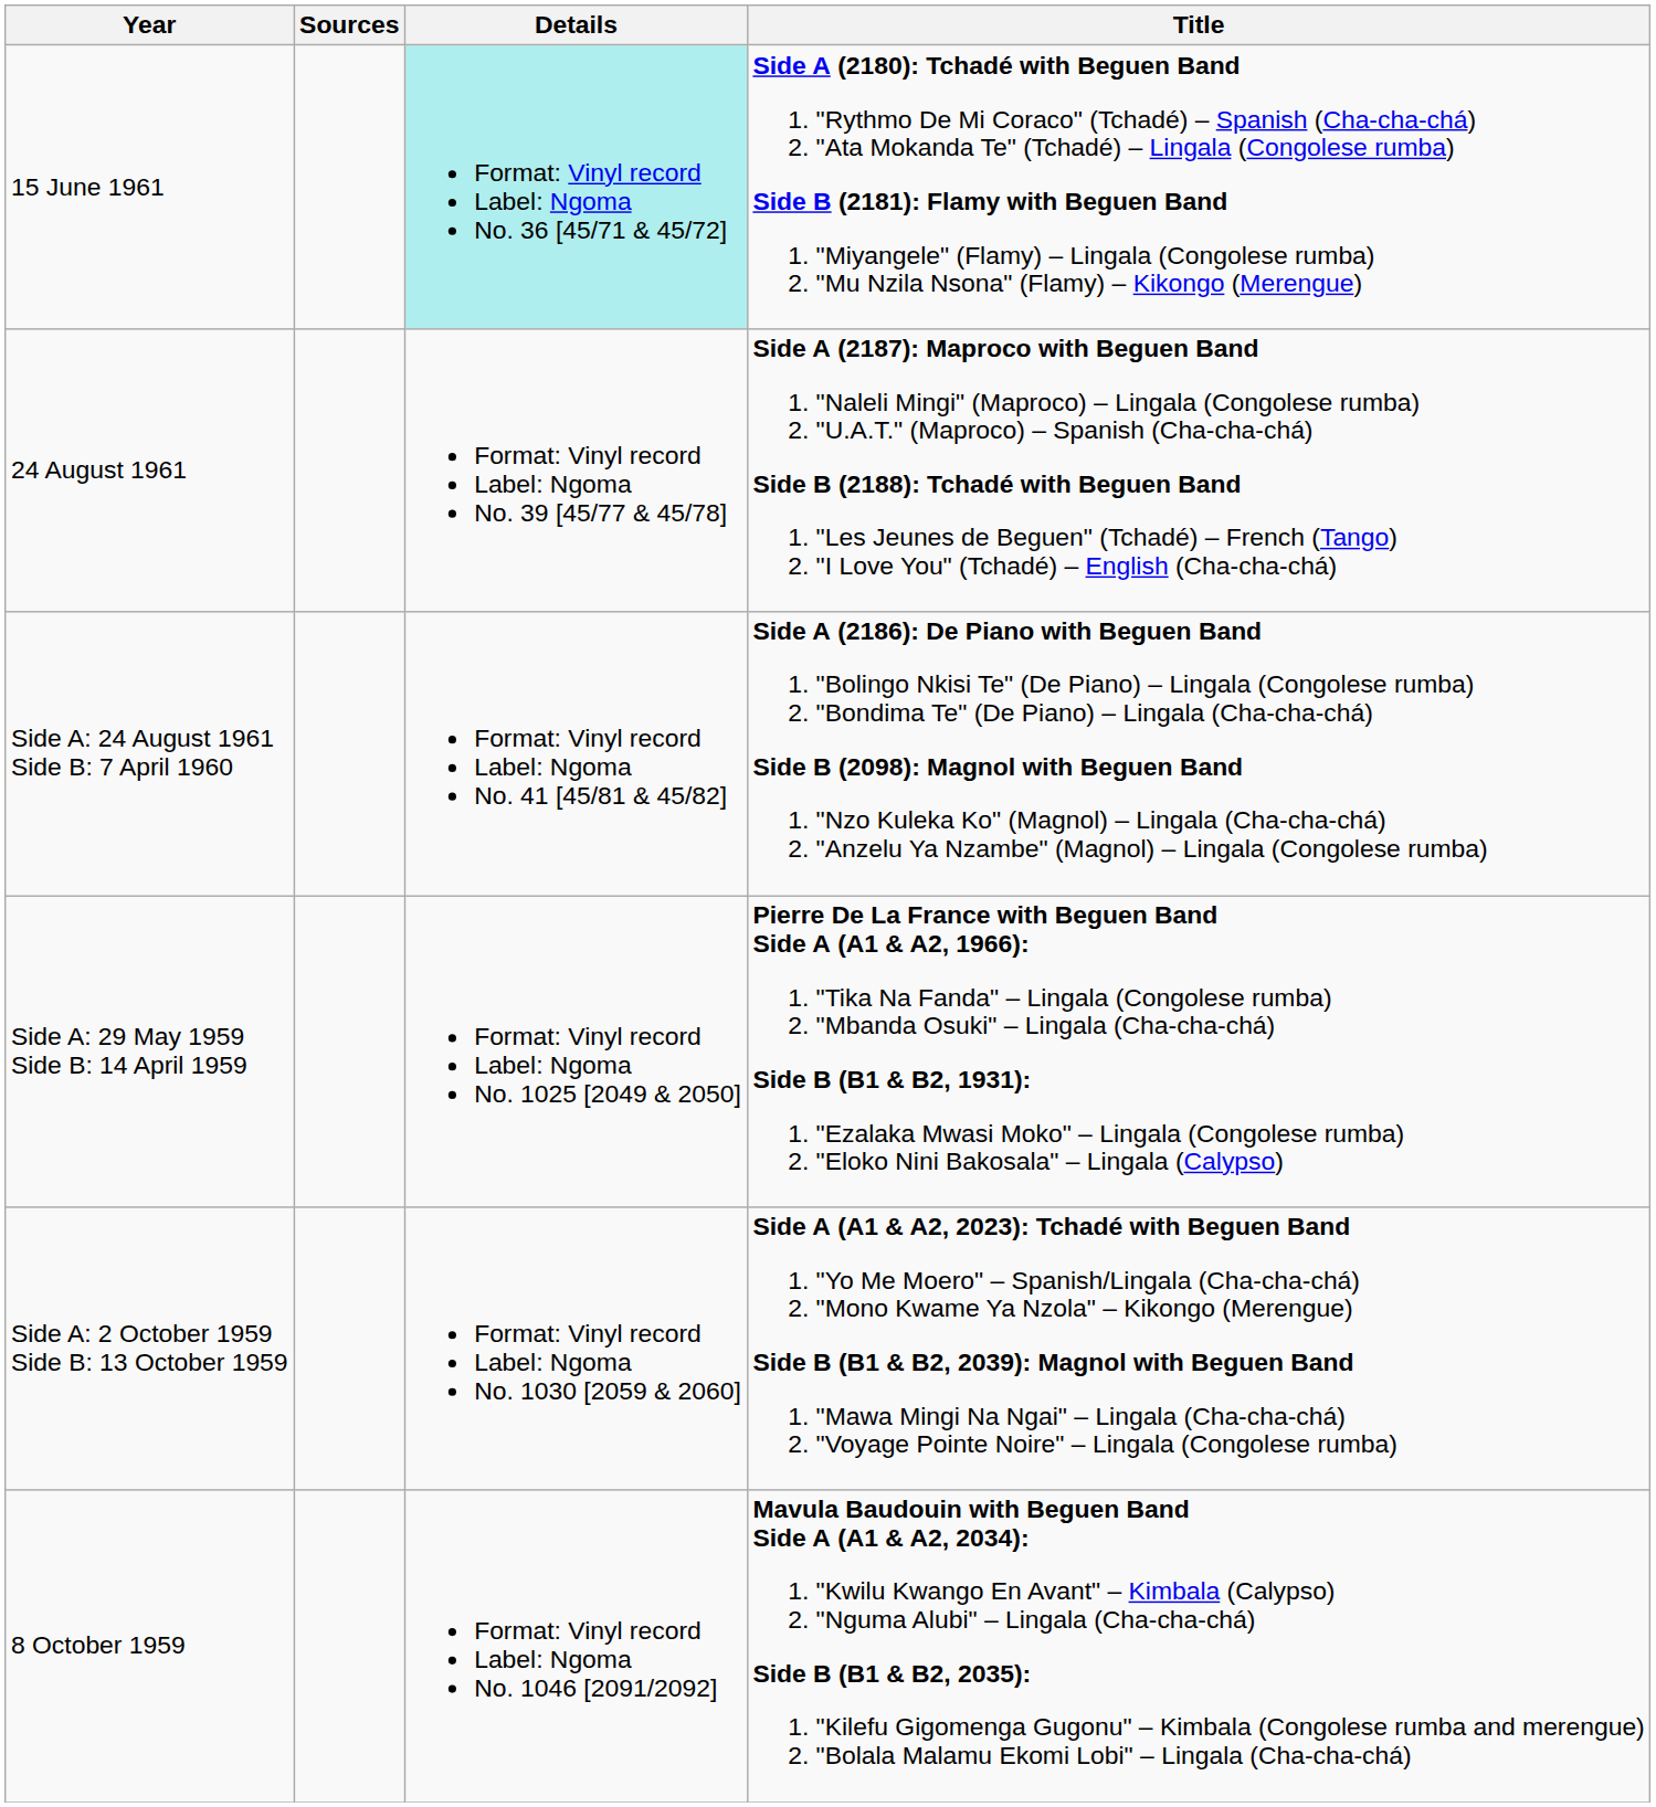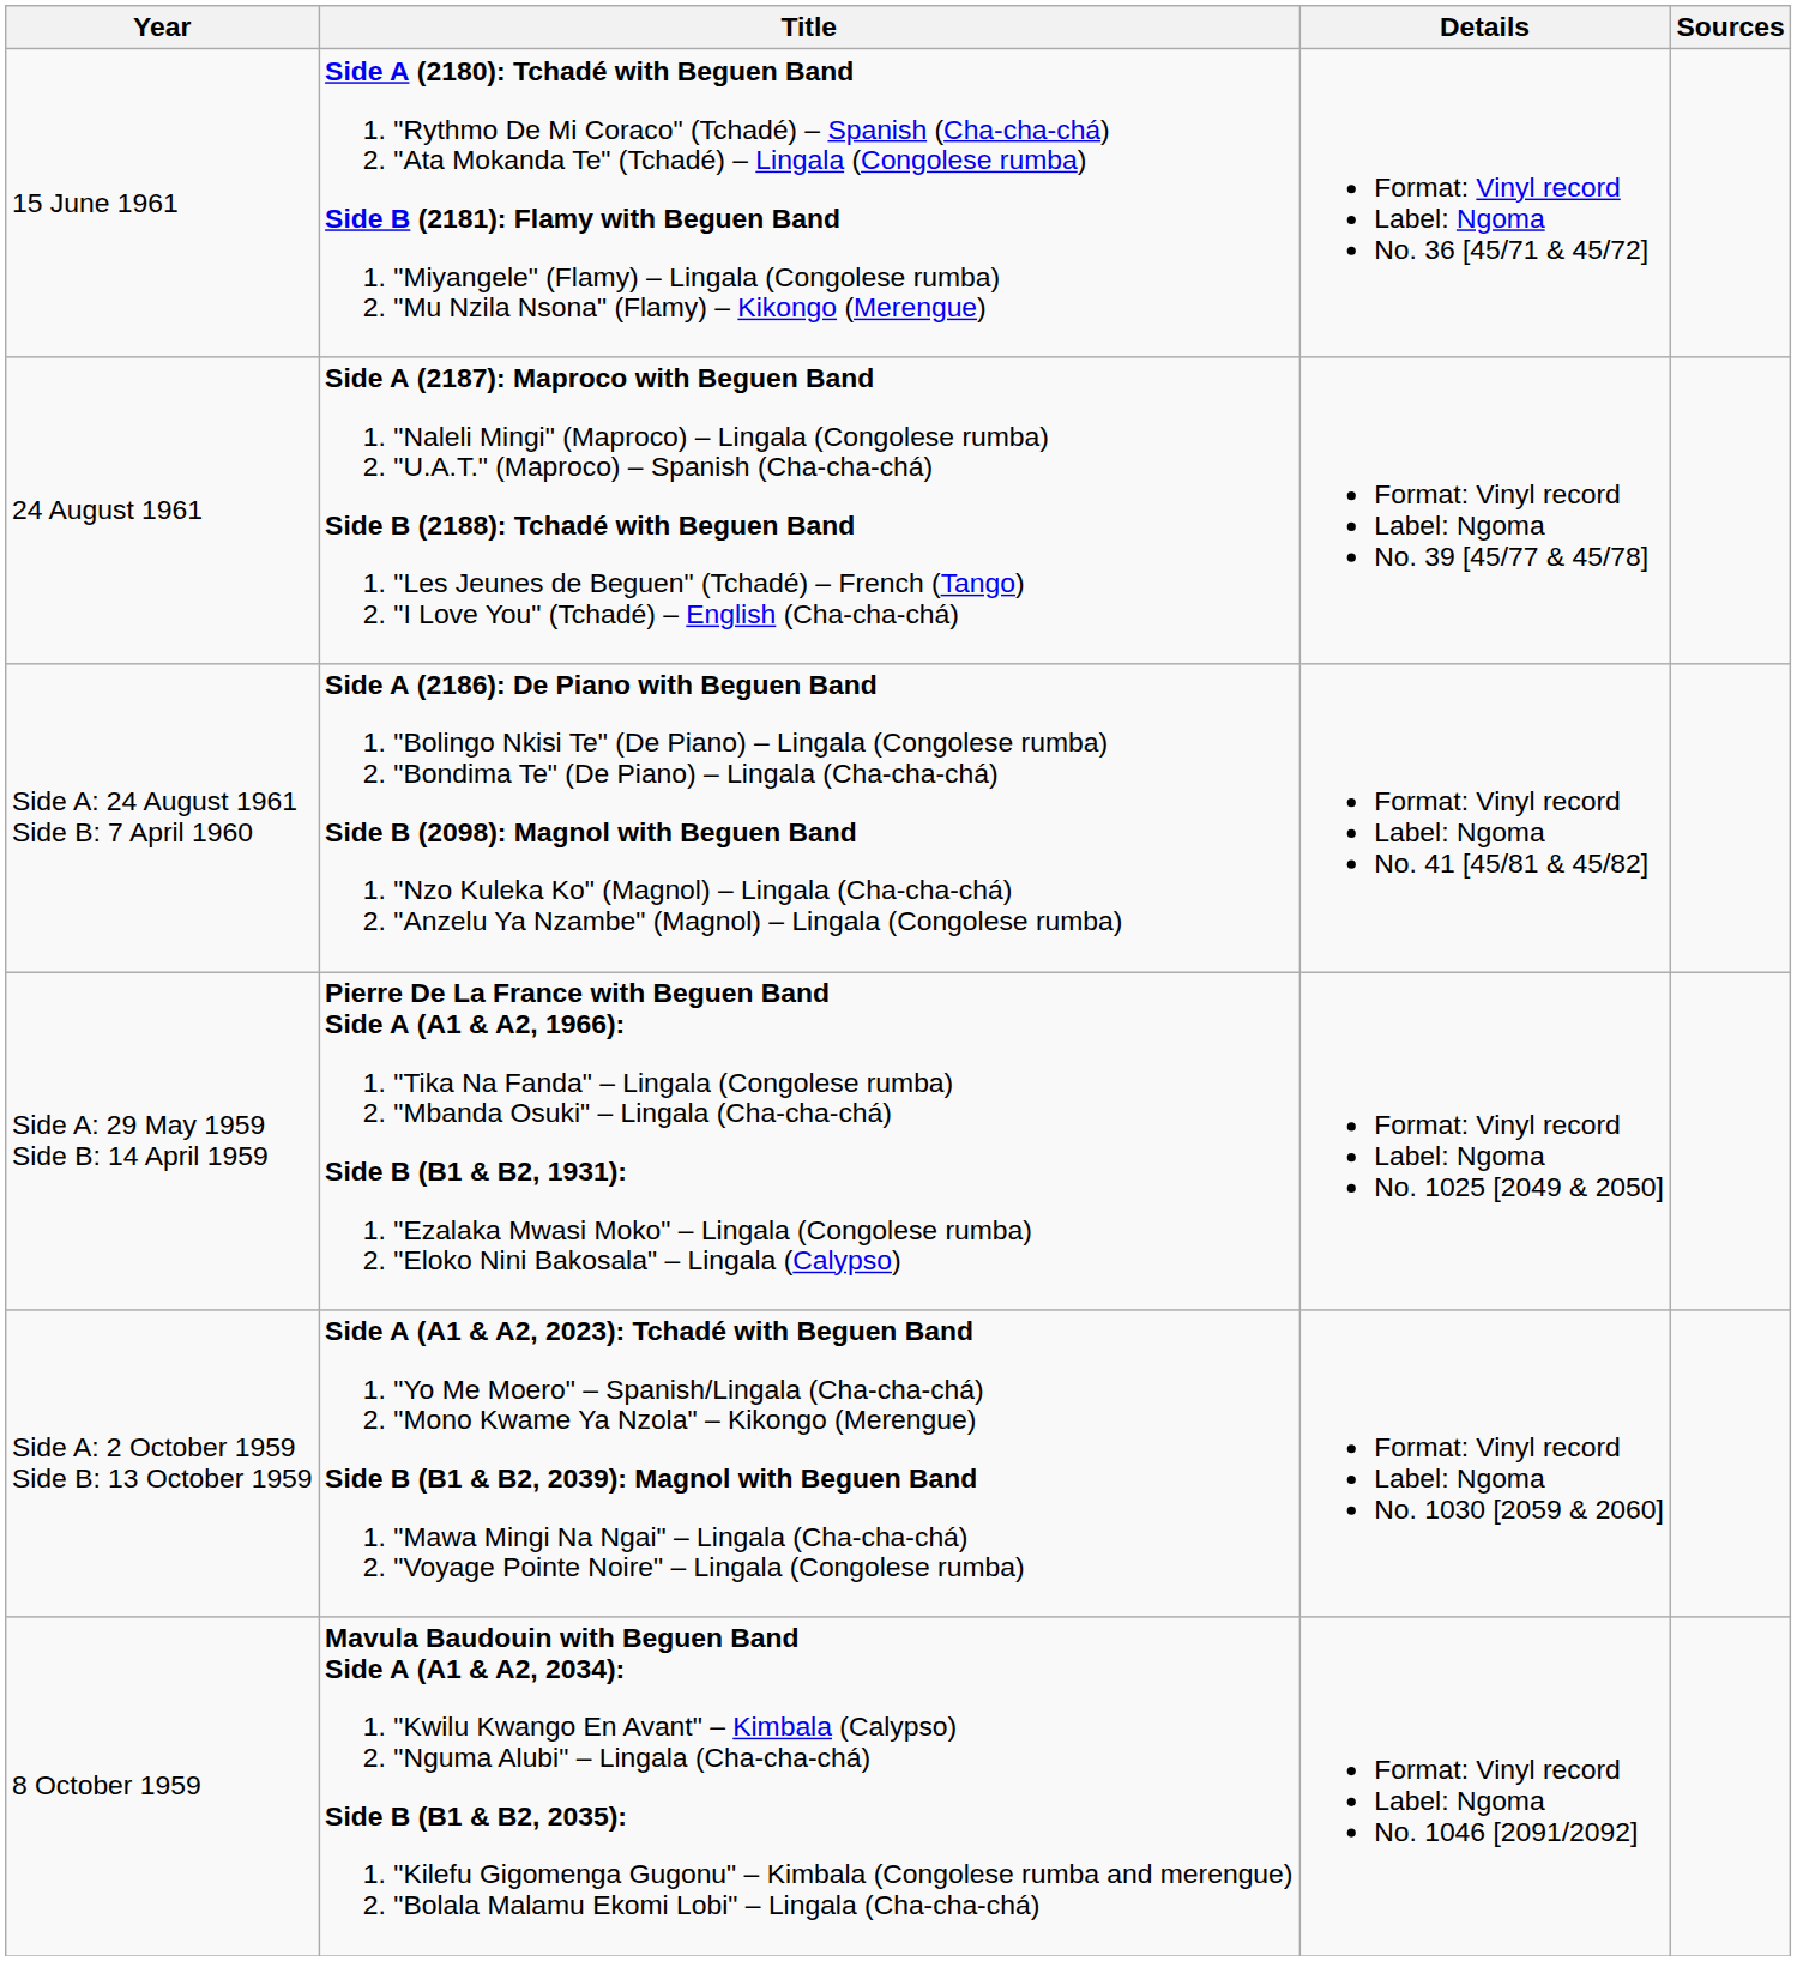 <table class="wikitable plainrowheaders">
 <tr>
 <th>Year</th>
+<th>Title</th>
+<th>Details</th>
 <th>Sources</th>
-<th>Details</th>
-<th>Title</th>
 </tr>
 <tr>
 <td>15 June 1961</td>
+<td><strong><a href='#'>Side A</a></strong> <strong>(2180): Tchadé with Beguen Band</strong><br><ol><li>"Rythmo De Mi Coraco" (Tchadé) – <a href='#'>Spanish</a> (<a href='#'>Cha-cha-chá</a>)</li><li>"Ata Mokanda Te" (Tchadé) – <a href='#'>Lingala</a> (<a href='#'>Congolese rumba</a>)</li></ol><strong><a href='#'>Side B</a></strong> <strong>(2181): Flamy with Beguen Band</strong><ol><li>"Miyangele" (Flamy) – Lingala (Congolese rumba)</li><li>"Mu Nzila Nsona" (Flamy) – <a href='#'>Kikongo</a> (<a href='#'>Merengue</a>)</li></ol></td>
+<td><br><ul><li>Format: <a href='#'>Vinyl record</a></li><li>Label: <a href='#'>Ngoma</a></li><li>No. 36 [45/71 & 45/72]</li></ul></td>
 <td></td>
-<td style="background: paleturquoise;"><br><ul><li>Format: <a href='#'>Vinyl record</a></li><li>Label: <a href='#'>Ngoma</a></li><li>No. 36 [45/71 & 45/72]</li></ul></td>
-<td><strong><a href='#'>Side A</a></strong> <strong>(2180): Tchadé with Beguen Band</strong><br><ol><li>"Rythmo De Mi Coraco" (Tchadé) – <a href='#'>Spanish</a> (<a href='#'>Cha-cha-chá</a>)</li><li>"Ata Mokanda Te" (Tchadé) – <a href='#'>Lingala</a> (<a href='#'>Congolese rumba</a>)</li></ol><strong><a href='#'>Side B</a></strong> <strong>(2181): Flamy with Beguen Band</strong><ol><li>"Miyangele" (Flamy) – Lingala (Congolese rumba)</li><li>"Mu Nzila Nsona" (Flamy) – <a href='#'>Kikongo</a> (<a href='#'>Merengue</a>)</li></ol></td>
 </tr>
 <tr>
 <td>24 August 1961</td>
+<td><strong>Side A</strong> <strong>(2187): Maproco with Beguen Band</strong><br><ol><li>"Naleli Mingi" (Maproco) – Lingala (Congolese rumba)</li><li>"U.A.T." (Maproco) – Spanish (Cha-cha-chá)</li></ol><strong>Side B</strong> <strong>(2188): Tchadé with Beguen Band</strong><ol><li>"Les Jeunes de Beguen" (Tchadé) – French (<a href='#'>Tango</a>)</li><li>"I Love You" (Tchadé) – <a href='#'>English</a> (Cha-cha-chá)</li></ol></td>
+<td><br><ul><li>Format: Vinyl record</li><li>Label: Ngoma</li><li>No. 39 [45/77 & 45/78]</li></ul></td>
 <td></td>
-<td><br><ul><li>Format: Vinyl record</li><li>Label: Ngoma</li><li>No. 39 [45/77 & 45/78]</li></ul></td>
-<td><strong>Side A</strong> <strong>(2187): Maproco with Beguen Band</strong><br><ol><li>"Naleli Mingi" (Maproco) – Lingala (Congolese rumba)</li><li>"U.A.T." (Maproco) – Spanish (Cha-cha-chá)</li></ol><strong>Side B</strong> <strong>(2188): Tchadé with Beguen Band</strong><ol><li>"Les Jeunes de Beguen" (Tchadé) – French (<a href='#'>Tango</a>)</li><li>"I Love You" (Tchadé) – <a href='#'>English</a> (Cha-cha-chá)</li></ol></td>
 </tr>
 <tr>
 <td>Side A: 24 August 1961<br>Side B: 7 April 1960</td>
+<td><strong>Side A</strong> <strong>(2186): De Piano with Beguen Band</strong><br><ol><li>"Bolingo Nkisi Te" (De Piano) – Lingala (Congolese rumba)</li><li>"Bondima Te" (De Piano) – Lingala (Cha-cha-chá)</li></ol><strong>Side B</strong> <strong>(2098): Magnol with Beguen Band</strong><ol><li>"Nzo Kuleka Ko" (Magnol) – Lingala (Cha-cha-chá)</li><li>"Anzelu Ya Nzambe" (Magnol) – Lingala (Congolese rumba)</li></ol></td>
+<td><br><ul><li>Format: Vinyl record</li><li>Label: Ngoma</li><li>No. 41 [45/81 & 45/82]</li></ul></td>
 <td></td>
-<td><br><ul><li>Format: Vinyl record</li><li>Label: Ngoma</li><li>No. 41 [45/81 & 45/82]</li></ul></td>
-<td><strong>Side A</strong> <strong>(2186): De Piano with Beguen Band</strong><br><ol><li>"Bolingo Nkisi Te" (De Piano) – Lingala (Congolese rumba)</li><li>"Bondima Te" (De Piano) – Lingala (Cha-cha-chá)</li></ol><strong>Side B</strong> <strong>(2098): Magnol with Beguen Band</strong><ol><li>"Nzo Kuleka Ko" (Magnol) – Lingala (Cha-cha-chá)</li><li>"Anzelu Ya Nzambe" (Magnol) – Lingala (Congolese rumba)</li></ol></td>
 </tr>
 <tr>
 <td>Side A: 29 May 1959<br>Side B: 14 April 1959</td>
+<td><strong>Pierre De</strong> <strong>La France with Beguen Band</strong><br><strong>Side A</strong> <strong>(A1 & A2, 1966):</strong><ol><li>"Tika Na Fanda" – Lingala (Congolese rumba)</li><li>"Mbanda Osuki" – Lingala (Cha-cha-chá)</li></ol><strong>Side B</strong> <strong>(B1 & B2, 1931):</strong><ol><li>"Ezalaka Mwasi Moko" – Lingala (Congolese rumba)</li><li>"Eloko Nini Bakosala" – Lingala (<a href='#'>Calypso</a>)</li></ol></td>
+<td><br><ul><li>Format: Vinyl record</li><li>Label: Ngoma</li><li>No. 1025 [2049 & 2050]</li></ul></td>
 <td></td>
-<td><br><ul><li>Format: Vinyl record</li><li>Label: Ngoma</li><li>No. 1025 [2049 & 2050]</li></ul></td>
-<td><strong>Pierre De</strong> <strong>La France with Beguen Band</strong><br><strong>Side A</strong> <strong>(A1 & A2, 1966):</strong><ol><li>"Tika Na Fanda" – Lingala (Congolese rumba)</li><li>"Mbanda Osuki" – Lingala (Cha-cha-chá)</li></ol><strong>Side B</strong> <strong>(B1 & B2, 1931):</strong><ol><li>"Ezalaka Mwasi Moko" – Lingala (Congolese rumba)</li><li>"Eloko Nini Bakosala" – Lingala (<a href='#'>Calypso</a>)</li></ol></td>
 </tr>
 <tr>
 <td>Side A: 2 October 1959<br>Side B: 13 October 1959</td>
+<td><strong>Side A</strong> <strong>(A1 & A2, 2023): Tchadé with Beguen Band</strong><br><ol><li>"Yo Me Moero" – Spanish/Lingala (Cha-cha-chá)</li><li>"Mono Kwame Ya Nzola" – Kikongo (Merengue)</li></ol><strong>Side B</strong> <strong>(B1 & B2, 2039): Magnol with Beguen Band</strong><ol><li>"Mawa Mingi Na Ngai" – Lingala (Cha-cha-chá)</li><li>"Voyage Pointe Noire" – Lingala (Congolese rumba)</li></ol></td>
+<td><br><ul><li>Format: Vinyl record</li><li>Label: Ngoma</li><li>No. 1030 [2059 & 2060]</li></ul></td>
 <td></td>
-<td><br><ul><li>Format: Vinyl record</li><li>Label: Ngoma</li><li>No. 1030 [2059 & 2060]</li></ul></td>
-<td><strong>Side A</strong> <strong>(A1 & A2, 2023): Tchadé with Beguen Band</strong><br><ol><li>"Yo Me Moero" – Spanish/Lingala (Cha-cha-chá)</li><li>"Mono Kwame Ya Nzola" – Kikongo (Merengue)</li></ol><strong>Side B</strong> <strong>(B1 & B2, 2039): Magnol with Beguen Band</strong><ol><li>"Mawa Mingi Na Ngai" – Lingala (Cha-cha-chá)</li><li>"Voyage Pointe Noire" – Lingala (Congolese rumba)</li></ol></td>
 </tr>
 <tr>
 <td>8 October 1959</td>
+<td><strong>Mavula Baudouin with Beguen Band</strong><br><strong>Side A</strong> <strong>(A1 & A2, 2034):</strong><ol><li>"Kwilu Kwango En Avant" – <a href='#'>Kimbala</a> (Calypso)</li><li>"Nguma Alubi" – Lingala (Cha-cha-chá)</li></ol><strong>Side B</strong> <strong>(B1 & B2, 2035):</strong><ol><li>"Kilefu Gigomenga Gugonu" – Kimbala (Congolese rumba and merengue)</li><li>"Bolala Malamu Ekomi Lobi" – Lingala (Cha-cha-chá)</li></ol></td>
+<td><br><ul><li>Format: Vinyl record</li><li>Label: Ngoma</li><li>No. 1046 [2091/2092]</li></ul></td>
 <td></td>
-<td><br><ul><li>Format: Vinyl record</li><li>Label: Ngoma</li><li>No. 1046 [2091/2092]</li></ul></td>
-<td><strong>Mavula Baudouin with Beguen Band</strong><br><strong>Side A</strong> <strong>(A1 & A2, 2034):</strong><ol><li>"Kwilu Kwango En Avant" – <a href='#'>Kimbala</a> (Calypso)</li><li>"Nguma Alubi" – Lingala (Cha-cha-chá)</li></ol><strong>Side B</strong> <strong>(B1 & B2, 2035):</strong><ol><li>"Kilefu Gigomenga Gugonu" – Kimbala (Congolese rumba and merengue)</li><li>"Bolala Malamu Ekomi Lobi" – Lingala (Cha-cha-chá)</li></ol></td>
 </tr>
 </table>
